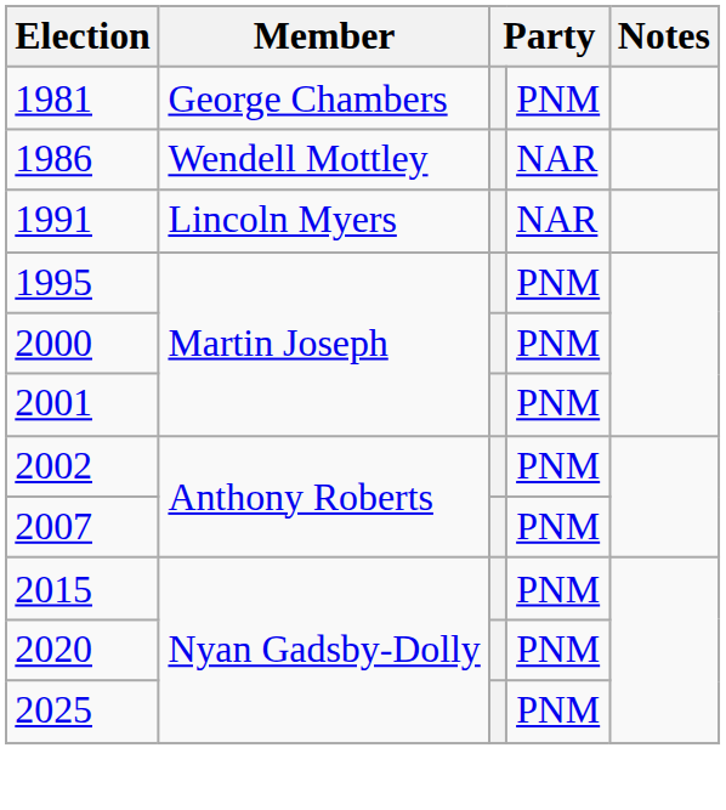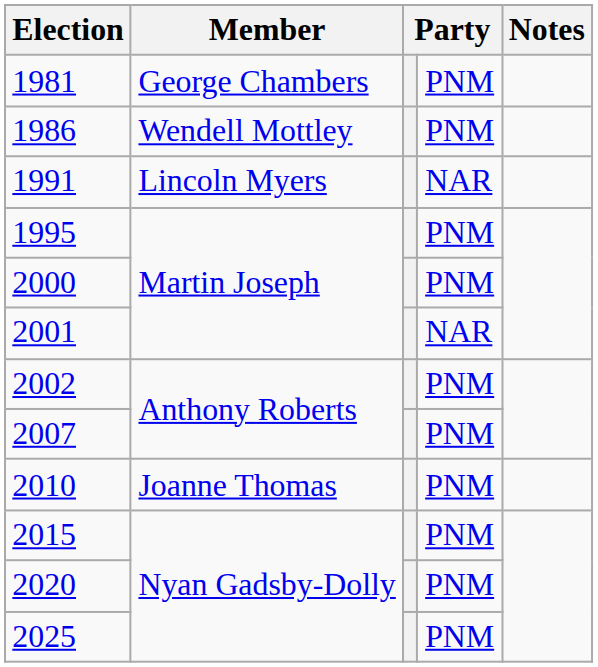 <table class="wikitable sortable">
 <tr>
 <th>Election</th>
 <th>Member</th>
 <th colspan="2">Party</th>
 <th>Notes</th>
 </tr>
 <tr>
 <td><a href='#'>1981</a></td>
 <td><a href='#'>George Chambers</a></td>
 <th style="background-color: "></th>
 <td><a href='#'>PNM</a></td>
 <td></td>
 </tr>
 <tr>
 <td><a href='#'>1986</a></td>
 <td><a href='#'>Wendell Mottley</a></td>
 <th style="background-color: "></th>
-<td><a href='#'>NAR</a></td>
+<td><a href='#'>PNM</a></td>
 <td></td>
 </tr>
 <tr>
 <td><a href='#'>1991</a></td>
 <td><a href='#'>Lincoln Myers</a></td>
 <th style="background-color: "></th>
 <td><a href='#'>NAR</a></td>
 <td></td>
 </tr>
 <tr>
 <td><a href='#'>1995</a></td>
 <td rowspan="3"><a href='#'>Martin Joseph</a></td>
 <th style="background-color: "></th>
 <td><a href='#'>PNM</a></td>
 <td rowspan="3"></td>
 </tr>
 <tr>
 <td><a href='#'>2000</a></td>
 <th style="background-color: "></th>
 <td><a href='#'>PNM</a></td>
 </tr>
 <tr>
 <td><a href='#'>2001</a></td>
 <th style="background-color: "></th>
-<td><a href='#'>PNM</a></td>
+<td><a href='#'>NAR</a></td>
 </tr>
 <tr>
 <td><a href='#'>2002</a></td>
 <td rowspan="2"><a href='#'>Anthony Roberts</a></td>
 <th style="background-color: "></th>
 <td><a href='#'>PNM</a></td>
 <td rowspan="2"></td>
 </tr>
 <tr>
 <td><a href='#'>2007</a></td>
 <th style="background-color: "></th>
 <td><a href='#'>PNM</a></td>
+</tr>
+<tr>
+<td><a href='#'>2010</a></td>
+<td><a href='#'>Joanne Thomas</a></td>
+<th style="background-color: "></th>
+<td><a href='#'>PNM</a></td>
+<td></td>
 </tr>
 <tr>
 <td><a href='#'>2015</a></td>
 <td rowspan="3"><a href='#'>Nyan Gadsby-Dolly</a></td>
 <th style="background-color: "></th>
 <td><a href='#'>PNM</a></td>
 <td rowspan="3"></td>
 </tr>
 <tr>
 <td><a href='#'>2020</a></td>
 <th style="background-color: "></th>
 <td><a href='#'>PNM</a></td>
 </tr>
 <tr>
 <td><a href='#'>2025</a></td>
 <th style="background-color: "></th>
 <td><a href='#'>PNM</a></td>
 </tr>
 </table>
